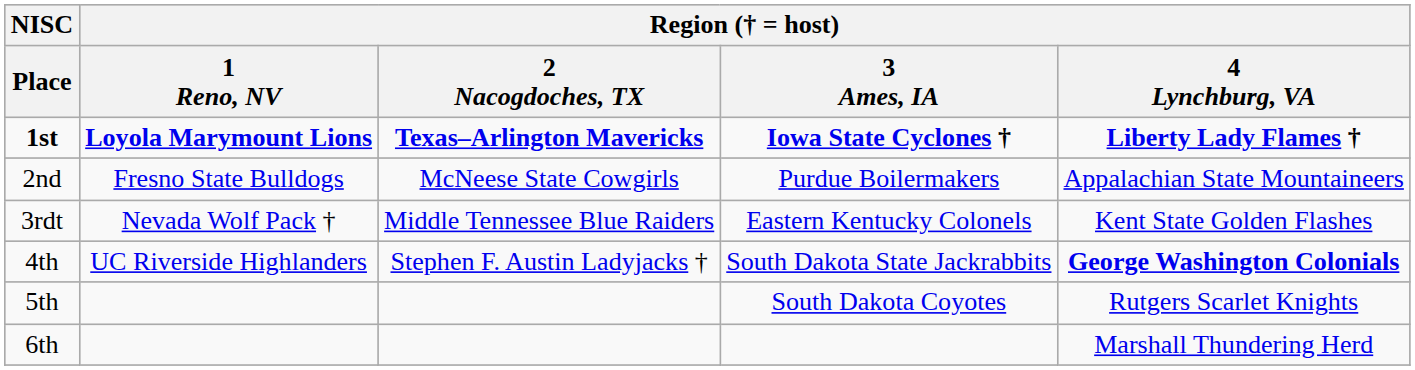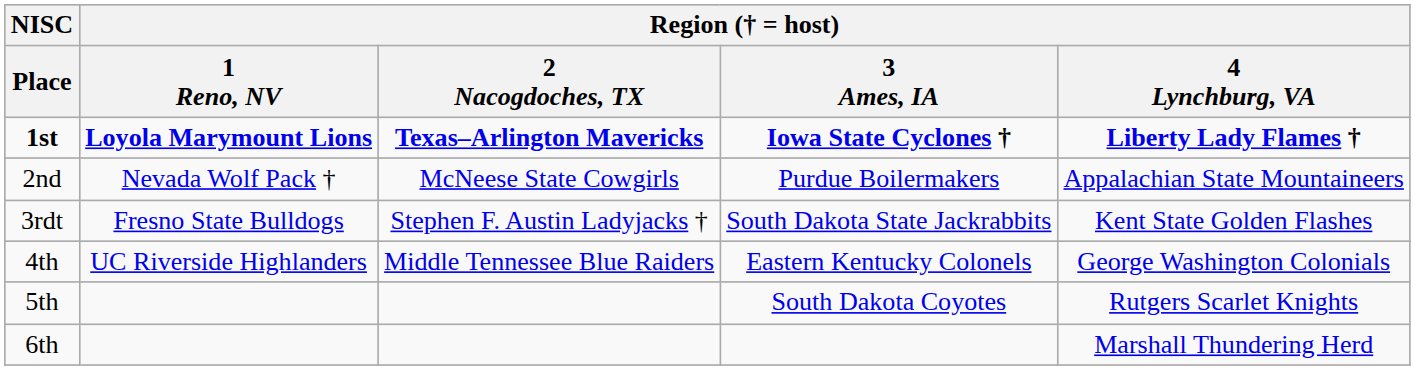 <table class="wikitable" style="text-align:center; text-width:95%;">
 <tr>
 <th><strong>NISC</strong></th>
 <th colspan="4"><strong>Region</strong> († = host)</th>
 </tr>
 <tr>
 <th><strong>Place</strong></th>
 <th><strong>1</strong> <br><em>Reno, NV</em></th>
 <th><strong>2</strong> <br><em>Nacogdoches, TX</em></th>
 <th><strong>3</strong> <br><em>Ames, IA</em></th>
 <th><strong>4</strong> <br><em>Lynchburg, VA</em></th>
 </tr>
 <tr>
 <td><strong>1st</strong></td>
 <td><strong><a href='#'>Loyola Marymount Lions</a></strong></td>
 <td><strong><a href='#'>Texas–Arlington Mavericks</a></strong></td>
 <td><strong><a href='#'>Iowa State Cyclones</a> †</strong></td>
 <td><strong><a href='#'>Liberty Lady Flames</a> †</strong></td>
 </tr>
 <tr>
 <td>2nd</td>
-<td><a href='#'>Fresno State Bulldogs</a></td>
+<td><a href='#'>Nevada Wolf Pack</a> †</td>
 <td><a href='#'>McNeese State Cowgirls</a></td>
 <td><a href='#'>Purdue Boilermakers</a></td>
 <td><a href='#'>Appalachian State Mountaineers</a></td>
 </tr>
 <tr>
 <td>3rdt</td>
-<td><a href='#'>Nevada Wolf Pack</a> †</td>
-<td><a href='#'>Middle Tennessee Blue Raiders</a></td>
-<td><a href='#'>Eastern Kentucky Colonels</a></td>
+<td><a href='#'>Fresno State Bulldogs</a></td>
+<td><a href='#'>Stephen F. Austin Ladyjacks</a> †</td>
+<td><a href='#'>South Dakota State Jackrabbits</a></td>
 <td><a href='#'>Kent State Golden Flashes</a></td>
 </tr>
 <tr>
 <td>4th</td>
 <td><a href='#'>UC Riverside Highlanders</a></td>
-<td><a href='#'>Stephen F. Austin Ladyjacks</a> †</td>
-<td><a href='#'>South Dakota State Jackrabbits</a></td>
-<td><strong><a href='#'>George Washington Colonials</a></strong></td>
+<td><a href='#'>Middle Tennessee Blue Raiders</a></td>
+<td><a href='#'>Eastern Kentucky Colonels</a></td>
+<td><a href='#'>George Washington Colonials</a></td>
 </tr>
 <tr>
 <td>5th</td>
 <td></td>
 <td></td>
 <td><a href='#'>South Dakota Coyotes</a></td>
 <td><a href='#'>Rutgers Scarlet Knights</a></td>
 </tr>
 <tr>
 <td>6th</td>
 <td></td>
 <td></td>
 <td></td>
 <td><a href='#'>Marshall Thundering Herd</a></td>
 </tr>
 </table>
